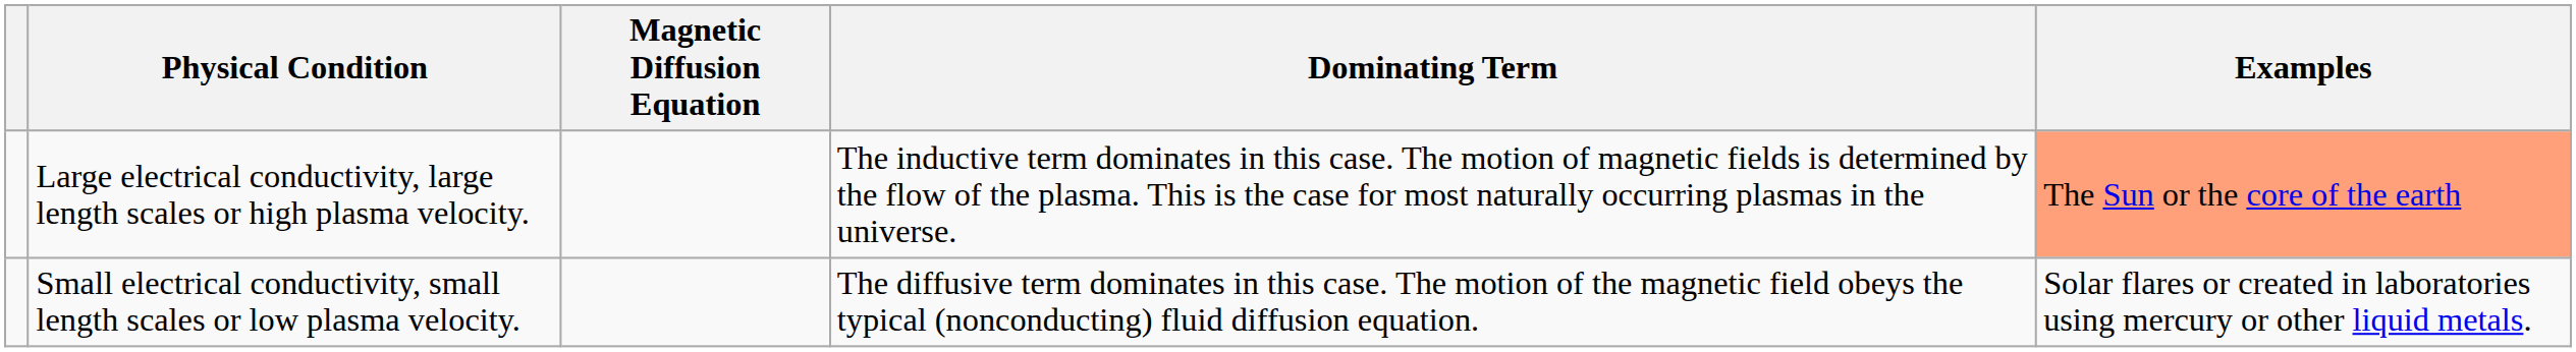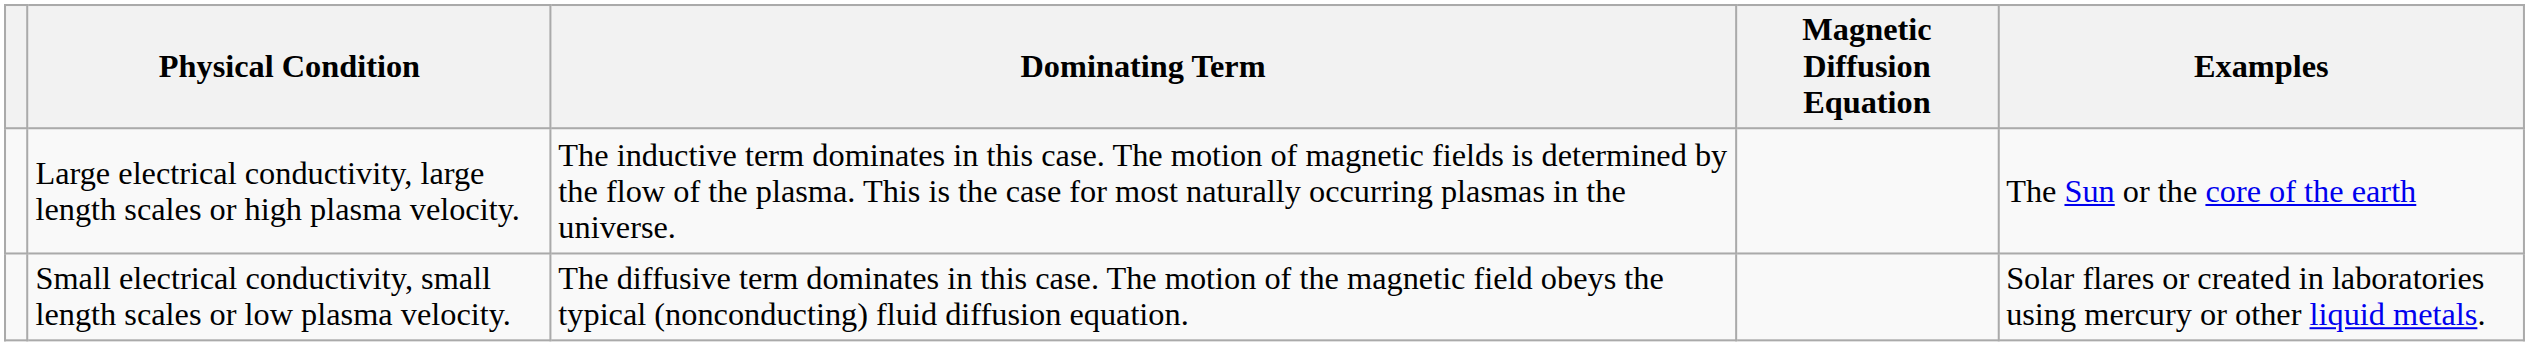 <table class="wikitable">
 <tr>
 <th></th>
 <th>Physical Condition</th>
+<th>Dominating Term</th>
 <th>Magnetic Diffusion Equation</th>
-<th>Dominating Term</th>
 <th>Examples</th>
 </tr>
 <tr>
 <td>  </td>
 <td>Large electrical conductivity, large length scales or high plasma velocity.</td>
+<td>The inductive term dominates in this case. The motion of magnetic fields is determined by the flow of the plasma. This is the case for most naturally occurring plasmas in the universe.  </td>
 <td></td>
-<td>The inductive term dominates in this case. The motion of magnetic fields is determined by the flow of the plasma. This is the case for most naturally occurring plasmas in the universe.  </td>
-<td style="background: lightsalmon;">The <a href='#'>Sun</a> or the <a href='#'>core of the earth</a></td>
+<td>The <a href='#'>Sun</a> or the <a href='#'>core of the earth</a></td>
 </tr>
 <tr>
 <td></td>
 <td>Small electrical conductivity, small length scales or low plasma velocity.</td>
+<td>The diffusive term dominates in this case. The motion of the magnetic field obeys the typical (nonconducting) fluid diffusion equation.</td>
 <td></td>
-<td>The diffusive term dominates in this case. The motion of the magnetic field obeys the typical (nonconducting) fluid diffusion equation.</td>
 <td>Solar flares or created in laboratories using mercury or other <a href='#'>liquid metals</a>.</td>
 </tr>
 </table>
